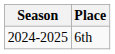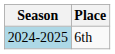 <table class="wikitable">
 <tr>
 <th>Season</th>
 <th>Place</th>
 </tr>
 <tr>
-<td>2024-2025</td>
+<td style="background: lightblue;">2024-2025</td>
 <td>6th</td>
 </tr>
 </table>
